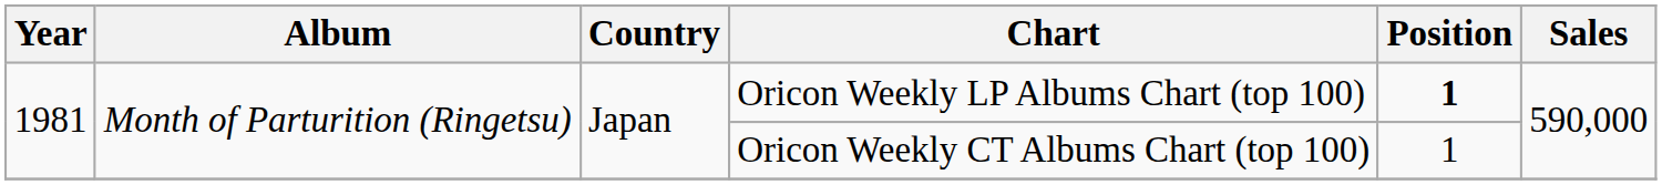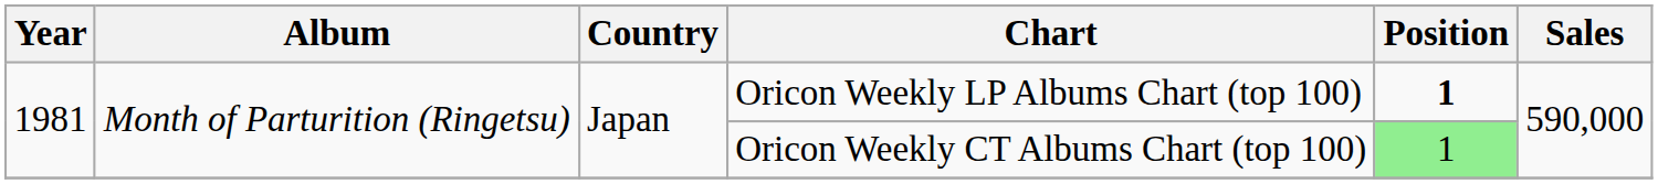 <table class="wikitable">
 <tr>
 <th>Year</th>
 <th>Album</th>
 <th>Country</th>
 <th>Chart</th>
 <th>Position</th>
 <th>Sales</th>
 </tr>
 <tr>
 <td rowspan=2>1981</td>
 <td rowspan=2><em>Month of Parturition (Ringetsu)</em></td>
 <td rowspan=2>Japan</td>
 <td>Oricon Weekly LP Albums Chart (top 100)</td>
 <td align="center"><strong>1</strong></td>
 <td rowspan=2>590,000</td>
 </tr>
 <tr>
 <td>Oricon Weekly CT Albums Chart (top 100)</td>
-<td align="center">1</td>
+<td align="center" style="background: lightgreen;">1</td>
 </tr>
 <tr>
 </tr>
 </table>
